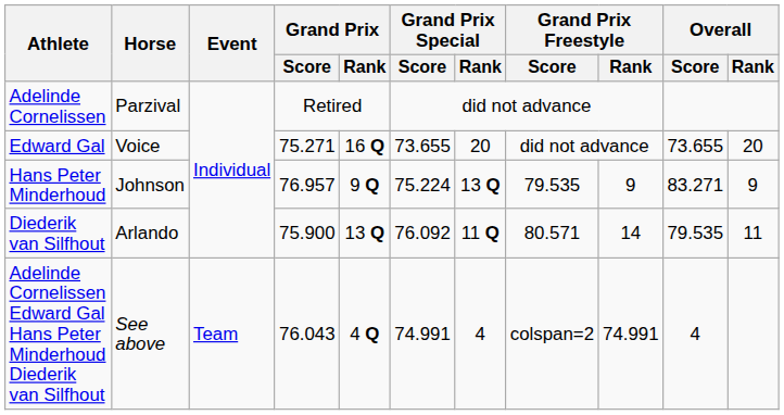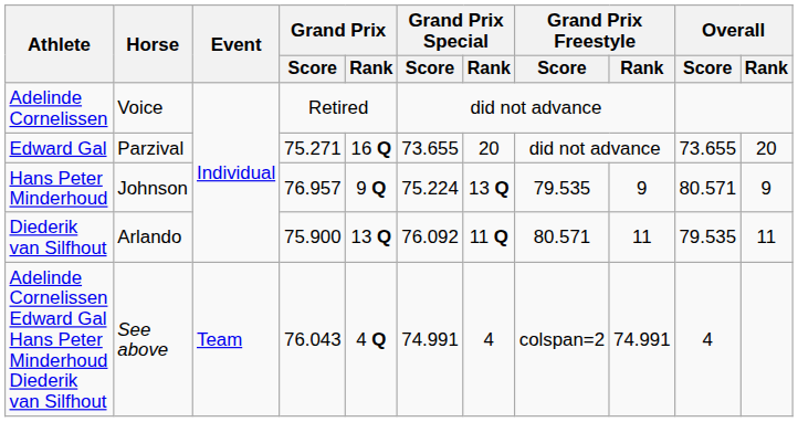 <table class=wikitable style="font-size:90%">
 <tr>
 <th rowspan=2>Athlete</th>
 <th rowspan=2>Horse</th>
 <th rowspan=2>Event</th>
 <th colspan=2>Grand Prix</th>
 <th colspan=2>Grand Prix Special</th>
 <th colspan=2>Grand Prix Freestyle</th>
 <th colspan=2>Overall</th>
 </tr>
 <tr style="font-size:95%">
 <th>Score</th>
 <th>Rank</th>
 <th>Score</th>
 <th>Rank</th>
 <th>Score</th>
 <th>Rank</th>
 <th>Score</th>
 <th>Rank</th>
 </tr>
 <tr align=center>
 <td align=left><a href='#'>Adelinde Cornelissen</a></td>
-<td align=left>Parzival</td>
+<td align=left>Voice</td>
 <td rowspan=4 align=left><a href='#'>Individual</a></td>
 <td colspan=2>Retired</td>
 <td colspan=4>did not advance</td>
 <td colspan=2></td>
 </tr>
 <tr align=center>
 <td align=left><a href='#'>Edward Gal</a></td>
-<td align=left>Voice</td>
+<td align=left>Parzival</td>
 <td>75.271</td>
 <td>16 <strong>Q</strong></td>
 <td>73.655</td>
 <td>20</td>
 <td colspan=2>did not advance</td>
 <td>73.655</td>
 <td>20</td>
 </tr>
 <tr align=center>
 <td align=left><a href='#'>Hans Peter Minderhoud</a></td>
 <td align=left>Johnson</td>
 <td>76.957</td>
 <td>9 <strong>Q</strong></td>
 <td>75.224</td>
 <td>13 <strong>Q</strong></td>
 <td>79.535</td>
 <td>9</td>
-<td>83.271</td>
+<td>80.571</td>
 <td>9</td>
 </tr>
 <tr align=center>
 <td align=left><a href='#'>Diederik van Silfhout</a></td>
 <td align=left>Arlando</td>
 <td>75.900</td>
 <td>13 <strong>Q</strong></td>
 <td>76.092</td>
 <td>11 <strong>Q</strong></td>
 <td>80.571</td>
-<td>14</td>
+<td>11</td>
 <td>79.535</td>
 <td>11</td>
 </tr>
 <tr align=center>
 <td align=left><a href='#'>Adelinde Cornelissen</a><br><a href='#'>Edward Gal</a><br><a href='#'>Hans Peter Minderhoud</a><br><a href='#'>Diederik van Silfhout</a></td>
 <td align=left><em>See above</em></td>
 <td align=left><a href='#'>Team</a></td>
 <td>76.043</td>
 <td>4 <strong>Q</strong></td>
 <td>74.991</td>
 <td>4</td>
 <td>colspan=2 </td>
 <td>74.991</td>
 <td>4</td>
 </tr>
 </table>
